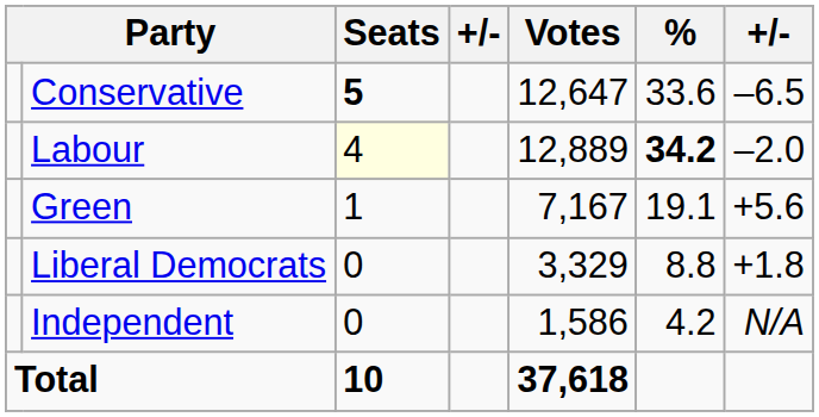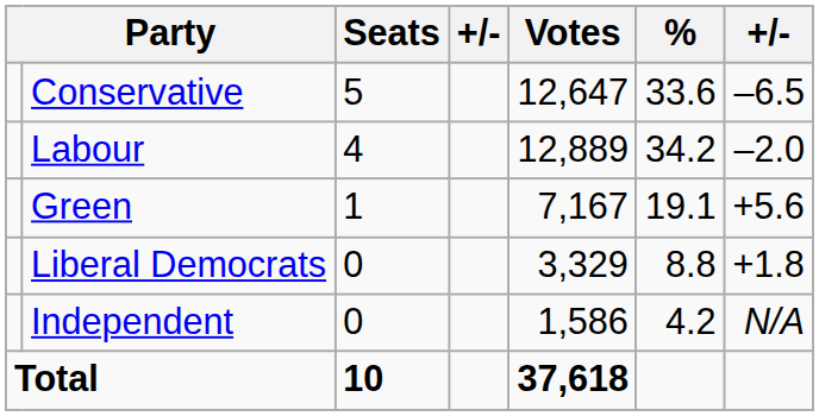 <table class="wikitable sortable">
 <tr>
 <th colspan="2">Party</th>
 <th>Seats</th>
 <th>+/-</th>
 <th>Votes</th>
 <th>%</th>
 <th>+/-</th>
 </tr>
 <tr>
 <td style="background-color: "></td>
 <td><a href='#'>Conservative</a></td>
-<td><strong>5</strong></td>
+<td>5</td>
 <td></td>
 <td style="text-align:right;">12,647</td>
 <td style="text-align:right;">33.6</td>
 <td style="text-align:right;">–6.5</td>
 </tr>
 <tr>
 <td style="background-color: "></td>
 <td><a href='#'>Labour</a></td>
-<td style="background: lightyellow;">4</td>
+<td>4</td>
 <td></td>
 <td style="text-align:right;">12,889</td>
-<td style="text-align:right;"><strong>34.2</strong></td>
+<td style="text-align:right;">34.2</td>
 <td style="text-align:right;">–2.0</td>
 </tr>
 <tr>
 <td style="background-color: "></td>
 <td><a href='#'>Green</a></td>
 <td>1</td>
 <td></td>
 <td style="text-align:right;">7,167</td>
 <td style="text-align:right;">19.1</td>
 <td style="text-align:right;">+5.6</td>
 </tr>
 <tr>
 <td style="background-color: "></td>
 <td><a href='#'>Liberal Democrats</a></td>
 <td>0</td>
 <td></td>
 <td style="text-align:right;">3,329</td>
 <td style="text-align:right;">8.8</td>
 <td style="text-align:right;">+1.8</td>
 </tr>
 <tr>
 <td style="background-color: "></td>
 <td><a href='#'>Independent</a></td>
 <td>0</td>
 <td></td>
 <td style="text-align:right;">1,586</td>
 <td style="text-align:right;">4.2</td>
 <td style="text-align:right;"><em>N/A</em></td>
 </tr>
 <tr>
 <td colspan="2"><strong>Total</strong></td>
 <td><strong>10</strong></td>
 <td></td>
 <td style="text-align:right;"><strong>37,618</strong></td>
 <td style="text-align:right;"></td>
 <td style="text-align:right;"></td>
 </tr>
 </table>
